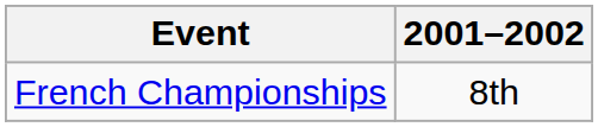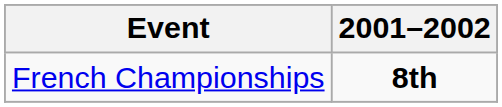 <table class="wikitable" style="text-align:center">
 <tr>
 <th>Event</th>
 <th>2001–2002</th>
 </tr>
 <tr>
 <td align=left><a href='#'>French Championships</a></td>
-<td>8th</td>
+<td><strong>8th</strong></td>
 </tr>
 </table>
